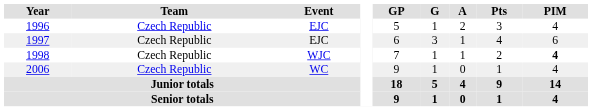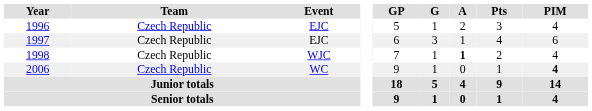 <table border="0" cellpadding="1" cellspacing="0" style="text-align:center; width:50em">
 <tr ALIGN="center" bgcolor="#e0e0e0">
 <th>Year</th>
 <th>Team</th>
 <th>Event</th>
 <th ALIGN="center" rowspan="99" bgcolor="#ffffff"> </th>
 <th>GP</th>
 <th>G</th>
 <th>A</th>
 <th>Pts</th>
 <th>PIM</th>
 </tr>
 <tr>
 <td><a href='#'>1996</a></td>
 <td><a href='#'>Czech Republic</a></td>
 <td><a href='#'>EJC</a></td>
 <td>5</td>
 <td>1</td>
 <td>2</td>
 <td>3</td>
 <td>4</td>
 </tr>
 <tr bgcolor="#f0f0f0">
 <td><a href='#'>1997</a></td>
 <td>Czech Republic</td>
 <td>EJC</td>
 <td>6</td>
 <td>3</td>
 <td>1</td>
 <td>4</td>
 <td>6</td>
 </tr>
 <tr>
 <td><a href='#'>1998</a></td>
 <td>Czech Republic</td>
 <td><a href='#'>WJC</a></td>
 <td>7</td>
 <td>1</td>
-<td>1</td>
+<td><strong>1</strong></td>
 <td>2</td>
-<td><strong>4</strong></td>
+<td>4</td>
 </tr>
 <tr bgcolor="#f0f0f0">
 <td><a href='#'>2006</a></td>
 <td><a href='#'>Czech Republic</a></td>
 <td><a href='#'>WC</a></td>
 <td>9</td>
 <td>1</td>
 <td>0</td>
 <td>1</td>
-<td>4</td>
+<td><strong>4</strong></td>
 </tr>
 <tr bgcolor="#e0e0e0">
 <th colspan="3">Junior totals</th>
 <th>18</th>
 <th>5</th>
 <th>4</th>
 <th>9</th>
 <th>14</th>
 </tr>
 <tr bgcolor="#e0e0e0">
 <th colspan="3">Senior totals</th>
 <th>9</th>
 <th>1</th>
 <th>0</th>
 <th>1</th>
 <th>4</th>
 </tr>
 </table>
